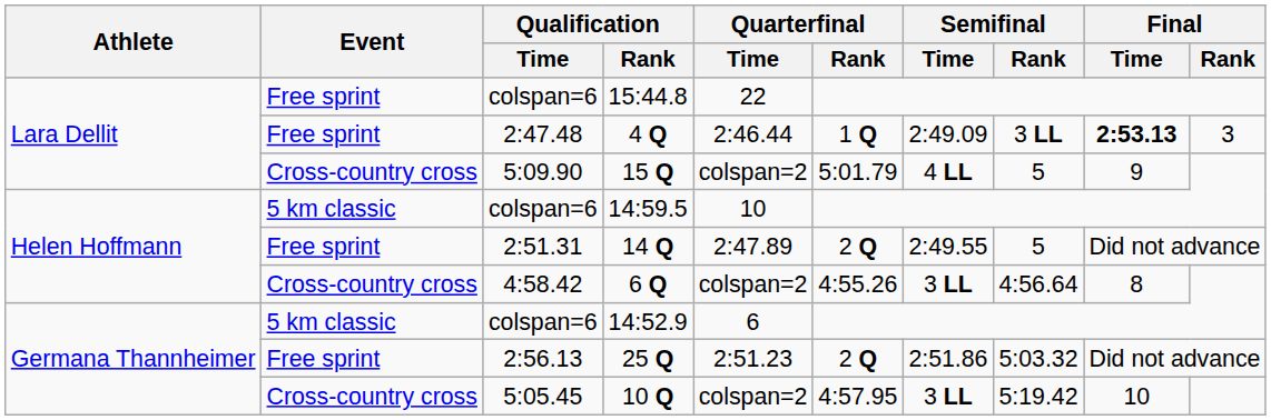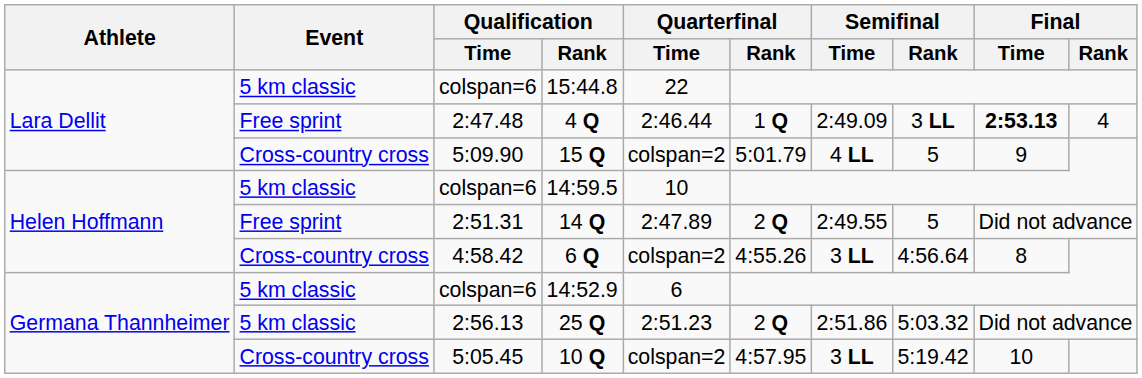 <table class="wikitable" style="font-size:90%">
 <tr>
 <th rowspan="2">Athlete</th>
 <th rowspan="2">Event</th>
 <th colspan="2">Qualification</th>
 <th colspan="2">Quarterfinal</th>
 <th colspan="2">Semifinal</th>
 <th colspan="2">Final</th>
 </tr>
 <tr style="font-size:95%">
 <th>Time</th>
 <th>Rank</th>
 <th>Time</th>
 <th>Rank</th>
 <th>Time</th>
 <th>Rank</th>
 <th>Time</th>
 <th>Rank</th>
 </tr>
 <tr align=center>
 <td align=left rowspan=3><a href='#'>Lara Dellit</a></td>
-<td align=left><a href='#'>Free sprint</a></td>
+<td align=left><a href='#'>5 km classic</a></td>
 <td>colspan=6 </td>
 <td>15:44.8</td>
 <td>22</td>
 </tr>
 <tr align=center>
 <td align=left><a href='#'>Free sprint</a></td>
 <td>2:47.48</td>
 <td>4 <strong>Q</strong></td>
 <td>2:46.44</td>
 <td>1 <strong>Q</strong></td>
 <td>2:49.09</td>
 <td>3 <strong>LL</strong></td>
 <td><strong>2:53.13</strong></td>
-<td>3</td>
+<td>4</td>
 </tr>
 <tr align=center>
 <td align=left><a href='#'>Cross-country cross</a></td>
 <td>5:09.90</td>
 <td>15 <strong>Q</strong></td>
 <td>colspan=2 </td>
 <td>5:01.79</td>
 <td>4 <strong>LL</strong></td>
 <td>5</td>
 <td>9</td>
 </tr>
 <tr align=center>
 <td align=left rowspan=3><a href='#'>Helen Hoffmann</a></td>
 <td align=left><a href='#'>5 km classic</a></td>
 <td>colspan=6 </td>
 <td>14:59.5</td>
 <td>10</td>
 </tr>
 <tr align=center>
 <td align=left><a href='#'>Free sprint</a></td>
 <td>2:51.31</td>
 <td>14 <strong>Q</strong></td>
 <td>2:47.89</td>
 <td>2 <strong>Q</strong></td>
 <td>2:49.55</td>
 <td>5</td>
 <td colspan=2>Did not advance</td>
 </tr>
 <tr align=center>
 <td align=left><a href='#'>Cross-country cross</a></td>
 <td>4:58.42</td>
 <td>6 <strong>Q</strong></td>
 <td>colspan=2 </td>
 <td>4:55.26</td>
 <td>3 <strong>LL</strong></td>
 <td>4:56.64</td>
 <td>8</td>
 </tr>
 <tr align=center>
 <td align=left rowspan=3><a href='#'>Germana Thannheimer</a></td>
 <td align=left><a href='#'>5 km classic</a></td>
 <td>colspan=6 </td>
 <td>14:52.9</td>
 <td>6</td>
 </tr>
 <tr align=center>
-<td align=left><a href='#'>Free sprint</a></td>
+<td align=left><a href='#'>5 km classic</a></td>
 <td>2:56.13</td>
 <td>25 <strong>Q</strong></td>
 <td>2:51.23</td>
 <td>2 <strong>Q</strong></td>
 <td>2:51.86</td>
 <td>5:03.32</td>
 <td colspan=2>Did not advance</td>
 </tr>
 <tr align=center>
 <td align=left><a href='#'>Cross-country cross</a></td>
 <td>5:05.45</td>
 <td>10 <strong>Q</strong></td>
 <td>colspan=2 </td>
 <td>4:57.95</td>
 <td>3 <strong>LL</strong></td>
 <td>5:19.42</td>
 <td>10</td>
 </tr>
 </table>
